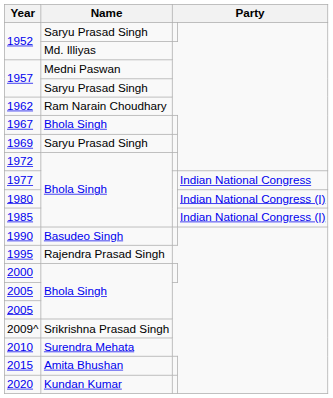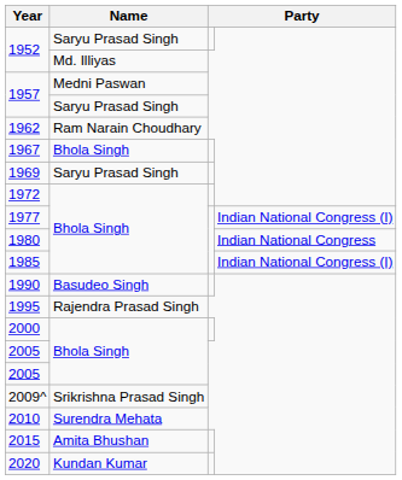 <table class="wikitable sortable">
 <tr>
 <th>Year</th>
 <th>Name</th>
 <th colspan="2">Party</th>
 </tr>
 <tr>
 <td rowspan="2"><a href='#'>1952</a></td>
 <td>Saryu Prasad Singh</td>
 <td></td>
 </tr>
 <tr>
 <td>Md. Illiyas</td>
 </tr>
 <tr>
 <td rowspan="2"><a href='#'>1957</a></td>
 <td>Medni Paswan</td>
 </tr>
 <tr>
 <td>Saryu Prasad Singh</td>
 </tr>
 <tr>
 <td><a href='#'>1962</a></td>
 <td>Ram Narain Choudhary</td>
 </tr>
 <tr>
 <td><a href='#'>1967</a></td>
 <td><a href='#'>Bhola Singh</a></td>
 <td></td>
 </tr>
 <tr>
 <td><a href='#'>1969</a></td>
 <td>Saryu Prasad Singh</td>
 <td></td>
 </tr>
 <tr>
 <td><a href='#'>1972</a></td>
 <td rowspan="4"><a href='#'>Bhola Singh</a></td>
 <td></td>
 </tr>
 <tr>
 <td><a href='#'>1977</a></td>
 <td rowspan="3" style="background-color: "></td>
-<td><a href='#'>Indian National Congress</a></td>
+<td><a href='#'>Indian National Congress (I)</a></td>
 </tr>
 <tr>
 <td><a href='#'>1980</a></td>
-<td><a href='#'>Indian National Congress (I)</a></td>
+<td><a href='#'>Indian National Congress</a></td>
 </tr>
 <tr>
 <td><a href='#'>1985</a></td>
 <td><a href='#'>Indian National Congress (I)</a></td>
 </tr>
 <tr>
 <td><a href='#'>1990</a></td>
 <td><a href='#'>Basudeo Singh</a></td>
 <td></td>
 </tr>
 <tr>
 <td><a href='#'>1995</a></td>
 <td>Rajendra Prasad Singh</td>
 </tr>
 <tr>
 <td><a href='#'>2000</a></td>
 <td rowspan="3"><a href='#'>Bhola Singh</a></td>
 <td></td>
 </tr>
 <tr>
 <td><a href='#'>2005</a></td>
 </tr>
 <tr>
 <td><a href='#'>2005</a></td>
 </tr>
 <tr>
 <td>2009^</td>
 <td>Srikrishna Prasad Singh</td>
 </tr>
 <tr>
 <td><a href='#'>2010</a></td>
 <td><a href='#'>Surendra Mehata</a></td>
 </tr>
 <tr>
 <td><a href='#'>2015</a></td>
 <td><a href='#'>Amita Bhushan</a></td>
 <td></td>
 </tr>
 <tr>
 <td><a href='#'>2020</a></td>
 <td><a href='#'>Kundan Kumar</a></td>
 <td></td>
 </tr>
 </table>
